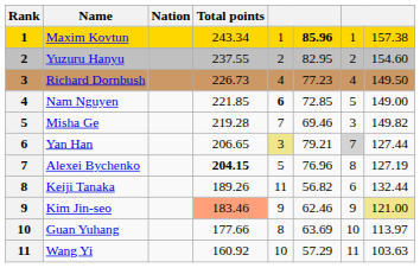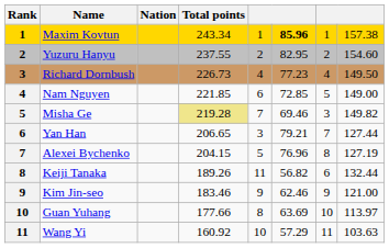 <table class="wikitable sortable">
 <tr>
 <th>Rank</th>
 <th>Name</th>
 <th>Nation</th>
 <th>Total points</th>
 <th colspan="2" width="80px"></th>
 <th colspan="2" width="80px"></th>
 </tr>
 <tr bgcolor="gold">
 <td align="center"><strong>1</strong></td>
 <td><a href='#'>Maxim Kovtun</a></td>
 <td></td>
 <td align="center">243.34</td>
 <td align="center">1</td>
 <td align="center"><strong>85.96</strong></td>
 <td align="center">1</td>
 <td align="center">157.38</td>
 </tr>
 <tr bgcolor="silver">
 <td align="center"><strong>2</strong></td>
 <td><a href='#'>Yuzuru Hanyu</a></td>
 <td></td>
 <td align="center">237.55</td>
 <td align="center">2</td>
 <td align="center">82.95</td>
 <td align="center">2</td>
 <td align="center">154.60</td>
 </tr>
 <tr bgcolor="cc9966">
 <td align="center"><strong>3</strong></td>
 <td><a href='#'>Richard Dornbush</a></td>
 <td></td>
 <td align="center">226.73</td>
 <td align="center">4</td>
 <td align="center">77.23</td>
 <td align="center">4</td>
 <td align="center">149.50</td>
 </tr>
 <tr>
 <th>4</th>
 <td><a href='#'>Nam Nguyen</a></td>
 <td></td>
 <td align="center">221.85</td>
-<td align="center"><strong>6</strong></td>
+<td align="center">6</td>
 <td align="center">72.85</td>
 <td align="center">5</td>
 <td align="center">149.00</td>
 </tr>
 <tr>
 <th>5</th>
 <td><a href='#'>Misha Ge</a></td>
 <td></td>
-<td align="center">219.28</td>
+<td align="center" style="background: khaki;">219.28</td>
 <td align="center">7</td>
 <td align="center">69.46</td>
 <td align="center">3</td>
 <td align="center">149.82</td>
 </tr>
 <tr>
 <th>6</th>
 <td><a href='#'>Yan Han</a></td>
 <td></td>
 <td align="center">206.65</td>
-<td align="center" style="background: khaki;">3</td>
+<td align="center">3</td>
 <td align="center">79.21</td>
-<td align="center" style="background: lightgrey;">7</td>
+<td align="center">7</td>
 <td align="center">127.44</td>
 </tr>
 <tr>
 <th>7</th>
 <td><a href='#'>Alexei Bychenko</a></td>
 <td></td>
-<td align="center"><strong>204.15</strong></td>
+<td align="center">204.15</td>
 <td align="center">5</td>
 <td align="center">76.96</td>
 <td align="center">8</td>
 <td align="center">127.19</td>
 </tr>
 <tr>
 <th>8</th>
 <td><a href='#'>Keiji Tanaka</a></td>
 <td></td>
 <td align="center">189.26</td>
 <td align="center">11</td>
 <td align="center">56.82</td>
 <td align="center">6</td>
 <td align="center">132.44</td>
 </tr>
 <tr>
 <th>9</th>
 <td><a href='#'>Kim Jin-seo</a></td>
 <td></td>
-<td align="center" style="background: lightsalmon;">183.46</td>
+<td align="center">183.46</td>
 <td align="center">9</td>
 <td align="center">62.46</td>
 <td align="center">9</td>
-<td align="center" style="background: khaki;">121.00</td>
+<td align="center">121.00</td>
 </tr>
 <tr>
 <th>10</th>
 <td><a href='#'>Guan Yuhang</a></td>
 <td></td>
 <td align="center">177.66</td>
 <td align="center">8</td>
 <td align="center">63.69</td>
 <td align="center">10</td>
 <td align="center">113.97</td>
 </tr>
 <tr>
 <th>11</th>
 <td><a href='#'>Wang Yi</a></td>
 <td></td>
 <td align="center">160.92</td>
 <td align="center">10</td>
 <td align="center">57.29</td>
 <td align="center">11</td>
 <td align="center">103.63</td>
 </tr>
 </table>
